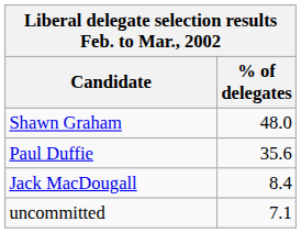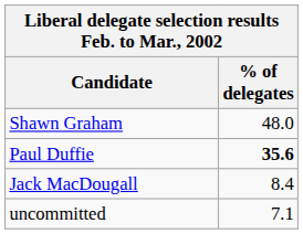 <table class="wikitable" style="font-size: 95%;">
 <tr style="background-color:#E9E9E9">
 <th colspan="3">Liberal delegate selection results<br>Feb. to Mar., 2002</th>
 </tr>
 <tr style="background-color:#E9E9E9">
 <th>Candidate</th>
 <th style="width: 40px">% of delegates</th>
 </tr>
 <tr>
 <td style="width: 170px"><a href='#'>Shawn Graham</a></td>
 <td align="right">48.0</td>
 </tr>
 <tr>
 <td style="width: 170px"><a href='#'>Paul Duffie</a></td>
-<td align="right">35.6</td>
+<td align="right"><strong>35.6</strong></td>
 </tr>
 <tr>
 <td style="width: 170px"><a href='#'>Jack MacDougall</a></td>
 <td align="right">8.4</td>
 </tr>
 <tr>
 <td style="width: 170px">uncommitted</td>
 <td align="right">7.1</td>
 </tr>
 </table>
